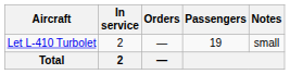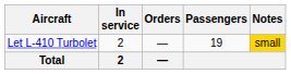 <table class="wikitable" style="border-collapse:collapse;text-align:center">
 <tr>
 <th>Aircraft</th>
 <th>In <br> service</th>
 <th>Orders</th>
 <th>Passengers</th>
 <th>Notes</th>
 </tr>
 <tr>
 <td><a href='#'>Let L-410 Turbolet</a></td>
 <td>2</td>
 <td>—</td>
 <td>19</td>
-<td>small</td>
+<td style="background: gold;">small</td>
 </tr>
 <tr>
 <th>Total</th>
 <th>2</th>
 <th>—</th>
 <th colspan=2></th>
 </tr>
 </table>
